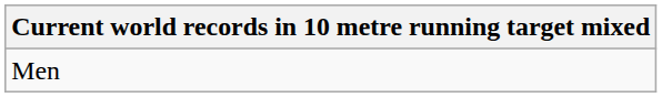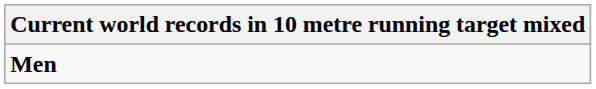 <table class="wikitable" style="font-size: 95%">
 <tr>
 <th colspan=7>Current world records in 10 metre running target mixed</th>
 </tr>
 <tr>
-<td>Men<br></td>
+<td><strong>Men<br></strong></td>
 </tr>
 </table>
